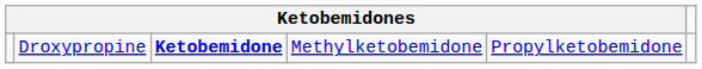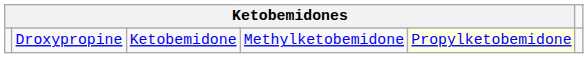 <table class="wikitable" style="font-size:smaller; text-align:center">
 <tr>
 <th colspan="5">Ketobemidones</th>
 </tr>
 <tr>
 <td></td>
 <td> <a href='#'>Droxypropine</a></td>
-<td><strong> <a href='#'>Ketobemidone</a></strong></td>
+<td> <a href='#'>Ketobemidone</a></td>
 <td> <a href='#'>Methylketobemidone</a></td>
-<td> <a href='#'>Propylketobemidone</a></td>
+<td style="background: lightyellow;"> <a href='#'>Propylketobemidone</a></td>
 <td></td>
 </tr>
 </table>
